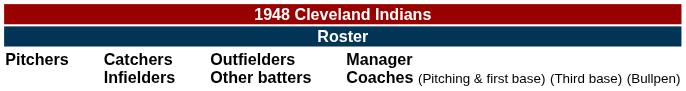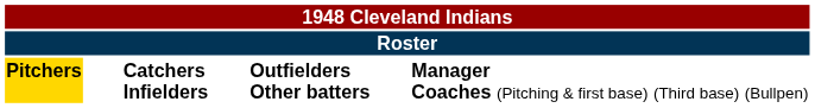 <table class="toccolours" style="font-size: 95%;">
 <tr>
 <th colspan="10" style="background-color: #990000; color: white; text-align: center;">1948 Cleveland Indians</th>
 </tr>
 <tr>
 <td colspan="10" style="background-color: #023456; color: white; text-align: center;"><strong>Roster</strong></td>
 </tr>
 <tr>
-<td valign="top"><strong>Pitchers</strong><br>                </td>
+<td valign="top" style="background: gold;"><strong>Pitchers</strong><br>                </td>
 <td width="25px"></td>
 <td valign="top"><strong>Catchers</strong><br>  <strong>Infielders</strong>       </td>
 <td width="25px"></td>
 <td valign="top"><strong>Outfielders</strong><br>         <strong>Other batters</strong> </td>
 <td width="25px"></td>
 <td valign="top"><strong>Manager</strong><br> <strong>Coaches</strong>  <small>(Pitching & first base)</small>  <small>(Third base)</small>    <small>(Bullpen)</small></td>
 </tr>
 </table>
